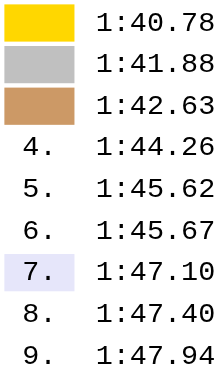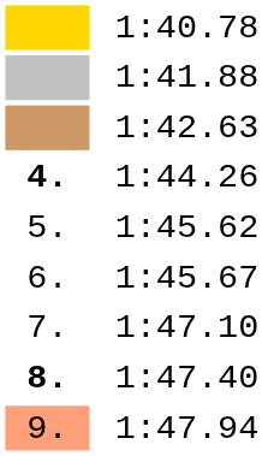 <table style="text-align:center">
 <tr>
 <td width=30 bgcolor=gold></td>
 <td align=left></td>
 <td width=60>1:40.78</td>
 </tr>
 <tr>
 <td bgcolor=silver></td>
 <td align=left></td>
 <td>1:41.88</td>
 </tr>
 <tr>
 <td bgcolor=cc9966></td>
 <td align=left></td>
 <td>1:42.63</td>
 </tr>
 <tr>
-<td>4.</td>
+<td><strong>4.</strong></td>
 <td align=left></td>
 <td>1:44.26</td>
 </tr>
 <tr>
 <td>5.</td>
 <td align=left></td>
 <td>1:45.62</td>
 </tr>
 <tr>
 <td>6.</td>
 <td align=left></td>
 <td>1:45.67</td>
 </tr>
 <tr>
-<td style="background: lavender;">7.</td>
+<td>7.</td>
 <td align=left></td>
 <td>1:47.10</td>
 </tr>
 <tr>
-<td>8.</td>
+<td><strong>8.</strong></td>
 <td align=left></td>
 <td>1:47.40</td>
 </tr>
 <tr>
-<td>9.</td>
+<td style="background: lightsalmon;">9.</td>
 <td align=left></td>
 <td>1:47.94</td>
 </tr>
 </table>
